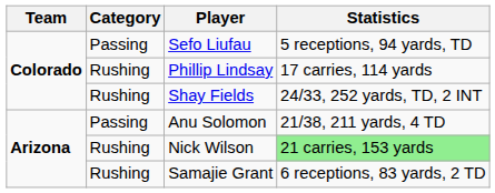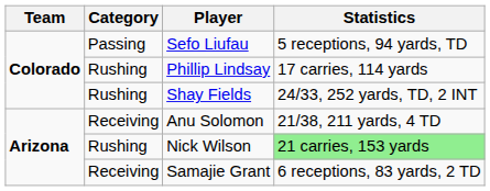 <table class="wikitable" style="float: right;">
 <tr>
 <th>Team</th>
 <th>Category</th>
 <th>Player</th>
 <th>Statistics</th>
 </tr>
 <tr>
 <td rowspan=3><strong>Colorado</strong></td>
 <td>Passing</td>
 <td><a href='#'>Sefo Liufau</a></td>
 <td>5 receptions, 94 yards, TD</td>
 </tr>
 <tr>
 <td>Rushing</td>
 <td><a href='#'>Phillip Lindsay</a></td>
 <td>17 carries, 114 yards</td>
 </tr>
 <tr>
 <td>Rushing</td>
 <td><a href='#'>Shay Fields</a></td>
 <td>24/33, 252 yards, TD, 2 INT</td>
 </tr>
 <tr>
 <td rowspan=3><strong>Arizona</strong></td>
-<td>Passing</td>
+<td>Receiving</td>
 <td>Anu Solomon</td>
 <td>21/38, 211 yards, 4 TD</td>
 </tr>
 <tr>
 <td>Rushing</td>
 <td>Nick Wilson</td>
 <td style="background: lightgreen;">21 carries, 153 yards</td>
 </tr>
 <tr>
-<td>Rushing</td>
+<td>Receiving</td>
 <td>Samajie Grant</td>
 <td>6 receptions, 83 yards, 2 TD</td>
 </tr>
 </table>
